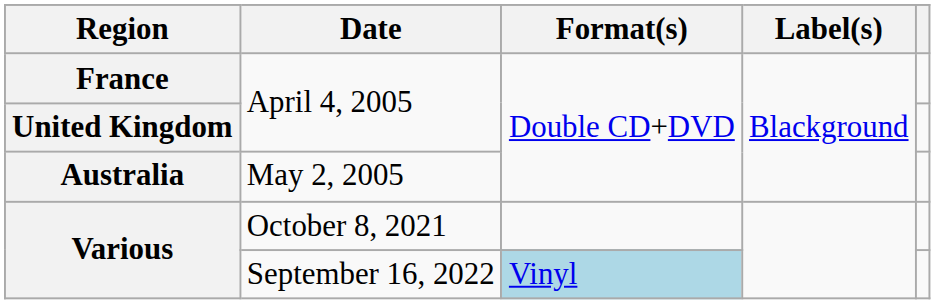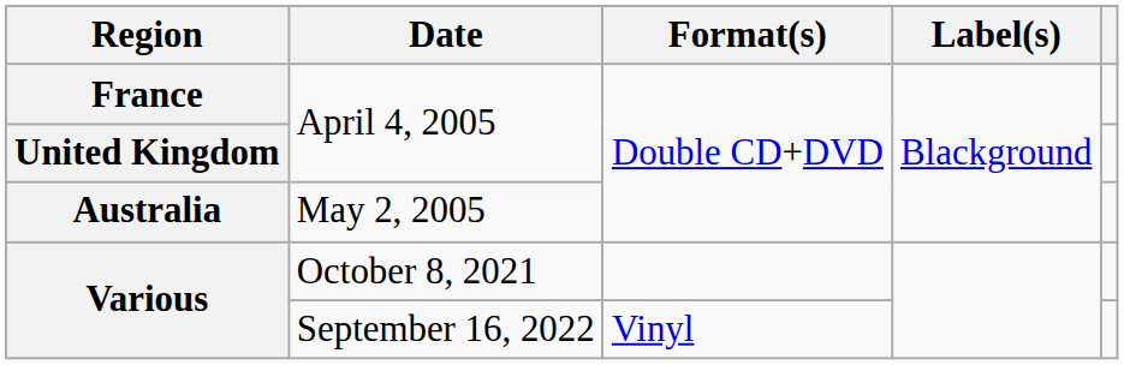 <table class="wikitable sortable plainrowheaders">
 <tr>
 <th scope="col">Region</th>
 <th scope="col">Date</th>
 <th scope="col">Format(s)</th>
 <th scope="col">Label(s)</th>
 <th scope="col"></th>
 </tr>
 <tr>
 <th scope="row">France</th>
 <td rowspan="2">April 4, 2005</td>
 <td rowspan="3"><a href='#'>Double CD</a>+<a href='#'>DVD</a></td>
 <td rowspan="3"><a href='#'>Blackground</a></td>
 <td align="center"></td>
 </tr>
 <tr>
 <th scope="row">United Kingdom</th>
 <td align="center"></td>
 </tr>
 <tr>
 <th scope="row">Australia</th>
 <td>May 2, 2005</td>
 <td align="center"></td>
 </tr>
 <tr>
 <th scope="row" rowspan="2">Various</th>
 <td>October 8, 2021</td>
 <td></td>
 <td rowspan="2"></td>
 <td align="center"></td>
 </tr>
 <tr>
 <td>September 16, 2022</td>
-<td style="background: lightblue;"><a href='#'>Vinyl</a></td>
+<td><a href='#'>Vinyl</a></td>
 <td align="center"></td>
 </tr>
 </table>
